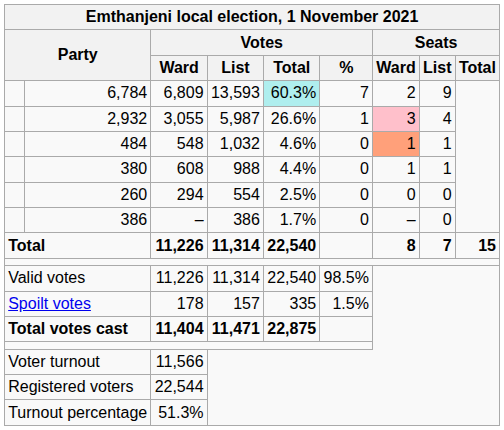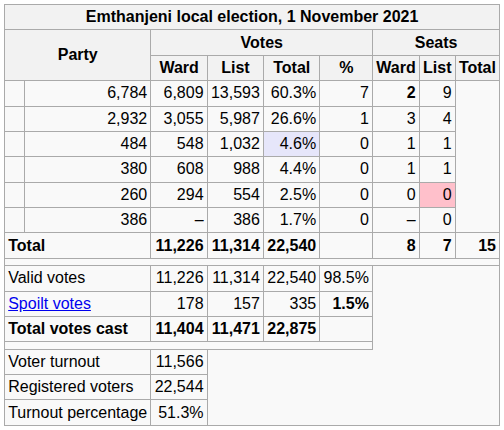 <table class=wikitable style="text-align:right">
 <tr>
 <th colspan="9" align="center">Emthanjeni local election, 1 November 2021</th>
 </tr>
 <tr>
 <th rowspan="2" colspan="2">Party</th>
 <th colspan="4" align="center">Votes</th>
 <th colspan="3" align="center">Seats</th>
 </tr>
 <tr>
 <th>Ward</th>
 <th>List</th>
 <th>Total</th>
 <th>%</th>
 <th>Ward</th>
 <th>List</th>
 <th>Total</th>
 </tr>
 <tr>
 <td></td>
 <td>6,784</td>
 <td>6,809</td>
 <td>13,593</td>
-<td style="background: paleturquoise;">60.3%</td>
+<td>60.3%</td>
 <td>7</td>
-<td>2</td>
+<td><strong>2</strong></td>
 <td>9</td>
 </tr>
 <tr>
 <td></td>
 <td>2,932</td>
 <td>3,055</td>
 <td>5,987</td>
 <td>26.6%</td>
 <td>1</td>
-<td style="background: pink;">3</td>
+<td>3</td>
 <td>4</td>
 </tr>
 <tr>
 <td></td>
 <td>484</td>
 <td>548</td>
 <td>1,032</td>
-<td>4.6%</td>
+<td style="background: lavender;">4.6%</td>
 <td>0</td>
-<td style="background: lightsalmon;">1</td>
+<td>1</td>
 <td>1</td>
 </tr>
 <tr>
 <td></td>
 <td>380</td>
 <td>608</td>
 <td>988</td>
 <td>4.4%</td>
 <td>0</td>
 <td>1</td>
 <td>1</td>
 </tr>
 <tr>
 <td></td>
 <td>260</td>
 <td>294</td>
 <td>554</td>
 <td>2.5%</td>
 <td>0</td>
 <td>0</td>
-<td>0</td>
+<td style="background: pink;">0</td>
 </tr>
 <tr>
 <td></td>
 <td>386</td>
 <td>–</td>
 <td>386</td>
 <td>1.7%</td>
 <td>0</td>
 <td>–</td>
 <td>0</td>
 </tr>
 <tr>
 <td colspan="2" style="text-align:left"><strong>Total</strong></td>
 <td><strong>11,226</strong></td>
 <td><strong>11,314</strong></td>
 <td><strong>22,540</strong></td>
 <td></td>
 <td><strong>8</strong></td>
 <td><strong>7</strong></td>
 <td><strong>15</strong></td>
 </tr>
 <tr>
 <td colspan="9"></td>
 </tr>
 <tr>
 <td colspan="2" style="text-align:left">Valid votes</td>
 <td>11,226</td>
 <td>11,314</td>
 <td>22,540</td>
 <td>98.5%</td>
 </tr>
 <tr>
 <td colspan="2" style="text-align:left"><a href='#'>Spoilt votes</a></td>
 <td>178</td>
 <td>157</td>
 <td>335</td>
-<td>1.5%</td>
+<td><strong>1.5%</strong></td>
 </tr>
 <tr>
 <td colspan="2" style="text-align:left"><strong>Total votes cast</strong></td>
 <td><strong>11,404</strong></td>
 <td><strong>11,471</strong></td>
 <td><strong>22,875</strong></td>
 <td></td>
 </tr>
 <tr>
 <td colspan="6"></td>
 </tr>
 <tr>
 <td colspan="2" style="text-align:left">Voter turnout</td>
 <td>11,566</td>
 </tr>
 <tr>
 <td colspan="2" style="text-align:left">Registered voters</td>
 <td>22,544</td>
 </tr>
 <tr>
 <td colspan="2" style="text-align:left">Turnout percentage</td>
 <td>51.3%</td>
 </tr>
 </table>
